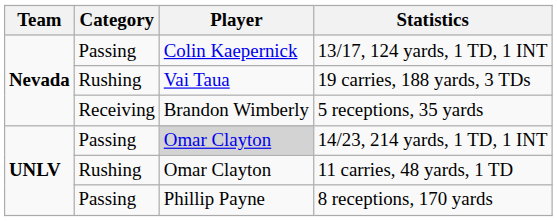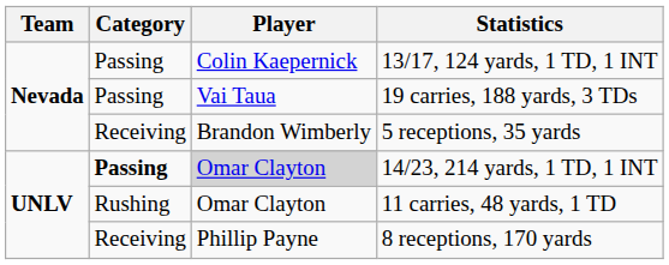 <table class="wikitable" style="float: left;">
 <tr>
 <th>Team</th>
 <th>Category</th>
 <th>Player</th>
 <th>Statistics</th>
 </tr>
 <tr>
 <td rowspan=3><strong>Nevada</strong></td>
 <td>Passing</td>
 <td><a href='#'>Colin Kaepernick</a></td>
 <td>13/17, 124 yards, 1 TD, 1 INT</td>
 </tr>
 <tr>
-<td>Rushing</td>
+<td>Passing</td>
 <td><a href='#'>Vai Taua</a></td>
 <td>19 carries, 188 yards, 3 TDs</td>
 </tr>
 <tr>
 <td>Receiving</td>
 <td>Brandon Wimberly</td>
 <td>5 receptions, 35 yards</td>
 </tr>
 <tr>
 <td rowspan=3><strong>UNLV</strong></td>
-<td>Passing</td>
+<td><strong>Passing</strong></td>
 <td style="background: lightgrey;"><a href='#'>Omar Clayton</a></td>
 <td>14/23, 214 yards, 1 TD, 1 INT</td>
 </tr>
 <tr>
 <td>Rushing</td>
 <td>Omar Clayton</td>
 <td>11 carries, 48 yards, 1 TD</td>
 </tr>
 <tr>
-<td>Passing</td>
+<td>Receiving</td>
 <td>Phillip Payne</td>
 <td>8 receptions, 170 yards</td>
 </tr>
 </table>
